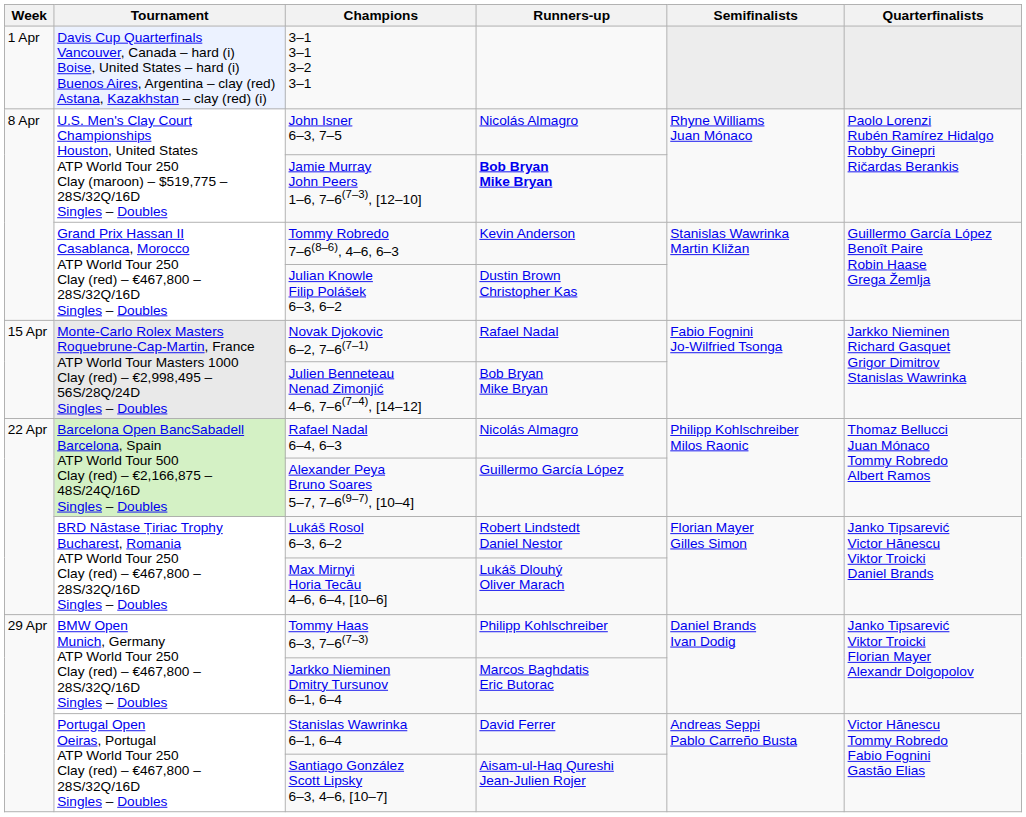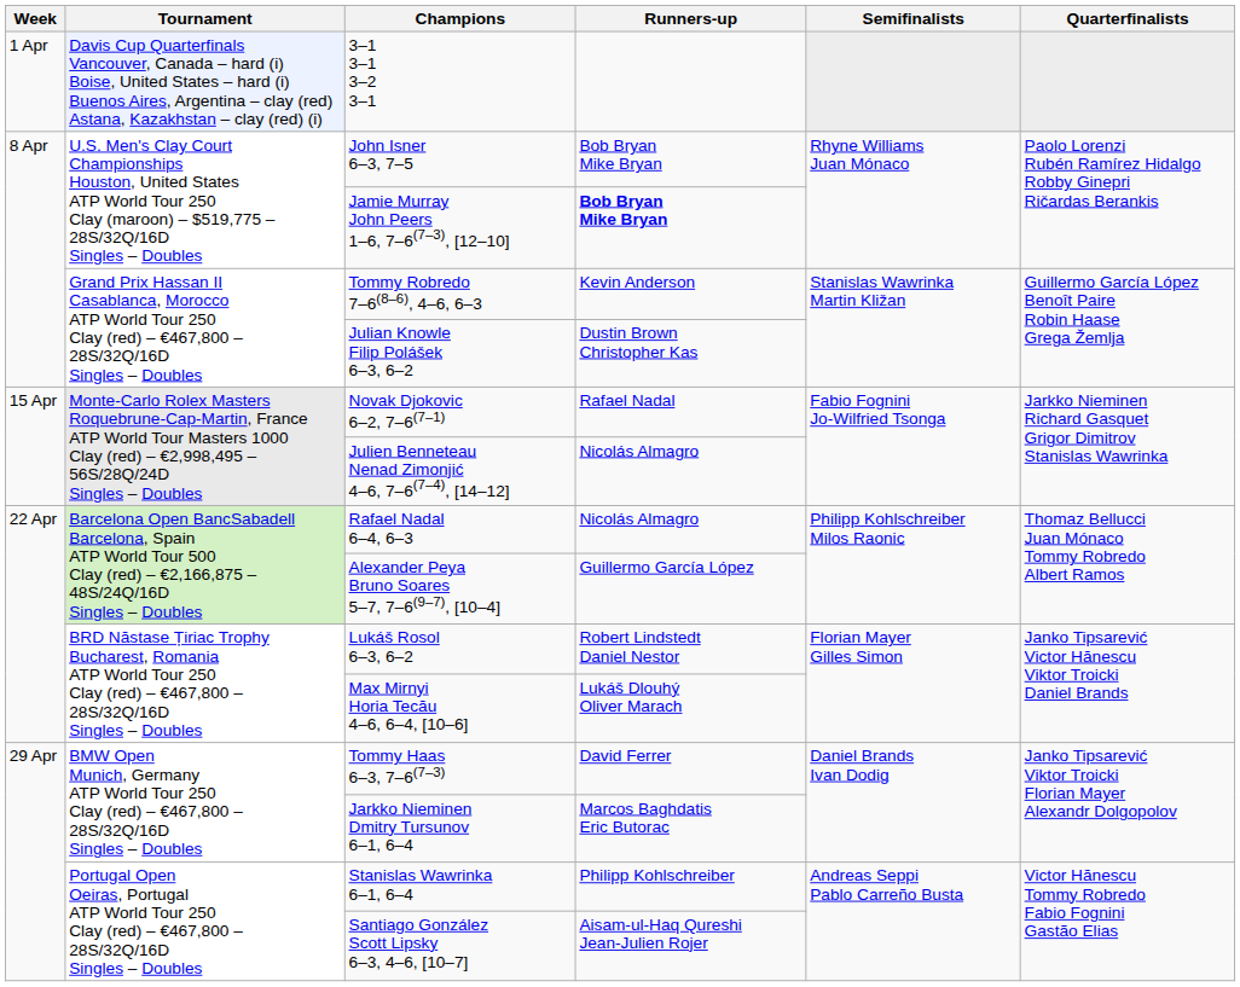 <table class=wikitable style=font-size:95%>
 <tr>
 <th style="width:48px;">Week</th>
 <th style="width:250px;">Tournament</th>
 <th style="width:205px;">Champions</th>
 <th style="width:205px;">Runners-up</th>
 <th style="width:190px;">Semifinalists</th>
 <th style="width:190px;">Quarterfinalists</th>
 </tr>
 <tr valign="top">
 <td>1 Apr</td>
 <td bgcolor="ECF2FF"><a href='#'>Davis Cup Quarterfinals</a><br><a href='#'>Vancouver</a>, Canada – hard (i)<br><a href='#'>Boise</a>, United States – hard (i)<br><a href='#'>Buenos Aires</a>, Argentina – clay (red)<br><a href='#'>Astana</a>, <a href='#'>Kazakhstan</a> – clay (red) (i)</td>
 <td> 3–1<br> 3–1<br> 3–2<br> 3–1</td>
 <td><br><br><br></td>
 <td bgcolor="#ededed"></td>
 <td bgcolor="#ededed"></td>
 </tr>
 <tr valign="top">
 <td rowspan="4">8 Apr</td>
 <td bgcolor="ffffff" rowspan="2"><a href='#'>U.S. Men's Clay Court Championships</a><br><a href='#'>Houston</a>, United States<br>ATP World Tour 250<br>Clay (maroon) – $519,775 – 28S/32Q/16D<br><a href='#'>Singles</a> – <a href='#'>Doubles</a></td>
 <td> <a href='#'>John Isner</a><br>6–3, 7–5</td>
-<td> <a href='#'>Nicolás Almagro</a></td>
+<td> <a href='#'>Bob Bryan</a><br> <a href='#'>Mike Bryan</a></td>
 <td rowspan="2"> <a href='#'>Rhyne Williams</a><br> <a href='#'>Juan Mónaco</a></td>
 <td rowspan="2"> <a href='#'>Paolo Lorenzi</a><br> <a href='#'>Rubén Ramírez Hidalgo</a><br> <a href='#'>Robby Ginepri</a><br> <a href='#'>Ričardas Berankis</a></td>
 </tr>
 <tr valign="top">
 <td> <a href='#'>Jamie Murray</a><br> <a href='#'>John Peers</a><br>1–6, 7–6<sup>(7–3)</sup>, [12–10]</td>
 <td><strong> <a href='#'>Bob Bryan</a><br> <a href='#'>Mike Bryan</a></strong></td>
 </tr>
 <tr valign="top">
 <td bgcolor="ffffff" rowspan="2"><a href='#'>Grand Prix Hassan II</a><br><a href='#'>Casablanca</a>, <a href='#'>Morocco</a><br>ATP World Tour 250<br>Clay (red) – €467,800 – 28S/32Q/16D<br><a href='#'>Singles</a> – <a href='#'>Doubles</a></td>
 <td> <a href='#'>Tommy Robredo</a><br>7–6<sup>(8–6)</sup>, 4–6, 6–3</td>
 <td> <a href='#'>Kevin Anderson</a></td>
 <td rowspan="2"> <a href='#'>Stanislas Wawrinka</a><br> <a href='#'>Martin Kližan</a></td>
 <td rowspan="2"> <a href='#'>Guillermo García López</a><br> <a href='#'>Benoît Paire</a><br> <a href='#'>Robin Haase</a><br> <a href='#'>Grega Žemlja</a></td>
 </tr>
 <tr valign="top">
 <td> <a href='#'>Julian Knowle</a><br> <a href='#'>Filip Polášek</a><br>6–3, 6–2</td>
 <td> <a href='#'>Dustin Brown</a><br> <a href='#'>Christopher Kas</a></td>
 </tr>
 <tr valign="top">
 <td rowspan="2">15 Apr</td>
 <td style="background:#E9E9E9" rowspan="2"><a href='#'>Monte-Carlo Rolex Masters</a><br><a href='#'>Roquebrune-Cap-Martin</a>, France<br>ATP World Tour Masters 1000<br>Clay (red) – €2,998,495 – 56S/28Q/24D<br><a href='#'>Singles</a> – <a href='#'>Doubles</a></td>
 <td> <a href='#'>Novak Djokovic</a><br>6–2, 7–6<sup>(7–1)</sup></td>
 <td> <a href='#'>Rafael Nadal</a></td>
 <td rowspan="2"> <a href='#'>Fabio Fognini</a><br> <a href='#'>Jo-Wilfried Tsonga</a></td>
 <td rowspan="2"> <a href='#'>Jarkko Nieminen</a><br> <a href='#'>Richard Gasquet</a><br> <a href='#'>Grigor Dimitrov</a><br> <a href='#'>Stanislas Wawrinka</a></td>
 </tr>
 <tr valign="top">
 <td> <a href='#'>Julien Benneteau</a><br> <a href='#'>Nenad Zimonjić</a><br>4–6, 7–6<sup>(7–4)</sup>, [14–12]</td>
-<td> <a href='#'>Bob Bryan</a><br> <a href='#'>Mike Bryan</a></td>
+<td> <a href='#'>Nicolás Almagro</a></td>
 </tr>
 <tr valign="top">
 <td rowspan="4">22 Apr</td>
 <td style="background:#D4F1C5" rowspan="2"><a href='#'>Barcelona Open BancSabadell</a><br><a href='#'>Barcelona</a>, Spain<br>ATP World Tour 500<br>Clay (red) – €2,166,875 – 48S/24Q/16D<br><a href='#'>Singles</a> – <a href='#'>Doubles</a></td>
 <td> <a href='#'>Rafael Nadal</a><br>6–4, 6–3</td>
 <td> <a href='#'>Nicolás Almagro</a></td>
 <td rowspan="2"> <a href='#'>Philipp Kohlschreiber</a><br> <a href='#'>Milos Raonic</a></td>
 <td rowspan="2"> <a href='#'>Thomaz Bellucci</a><br> <a href='#'>Juan Mónaco</a><br> <a href='#'>Tommy Robredo</a><br> <a href='#'>Albert Ramos</a></td>
 </tr>
 <tr valign="top">
 <td> <a href='#'>Alexander Peya</a><br> <a href='#'>Bruno Soares</a><br>5–7, 7–6<sup>(9–7)</sup>, [10–4]</td>
 <td> <a href='#'>Guillermo García López</a></td>
 </tr>
 <tr valign="top">
 <td bgcolor="ffffff" rowspan="2"><a href='#'>BRD Năstase Țiriac Trophy</a><br><a href='#'>Bucharest</a>, <a href='#'>Romania</a><br>ATP World Tour 250<br>Clay (red) – €467,800 – 28S/32Q/16D<br><a href='#'>Singles</a> – <a href='#'>Doubles</a></td>
 <td> <a href='#'>Lukáš Rosol</a><br>6–3, 6–2</td>
 <td> <a href='#'>Robert Lindstedt</a><br> <a href='#'>Daniel Nestor</a></td>
 <td rowspan="2"> <a href='#'>Florian Mayer</a><br> <a href='#'>Gilles Simon</a></td>
 <td rowspan="2"> <a href='#'>Janko Tipsarević</a> <br> <a href='#'>Victor Hănescu</a><br> <a href='#'>Viktor Troicki</a><br> <a href='#'>Daniel Brands</a></td>
 </tr>
 <tr valign="top">
 <td> <a href='#'>Max Mirnyi</a><br> <a href='#'>Horia Tecău</a><br>4–6, 6–4, [10–6]</td>
 <td> <a href='#'>Lukáš Dlouhý</a><br> <a href='#'>Oliver Marach</a></td>
 </tr>
 <tr valign="top">
 <td rowspan="4">29 Apr</td>
 <td style="background:#fff" rowspan="2"><a href='#'>BMW Open</a><br><a href='#'>Munich</a>, Germany<br>ATP World Tour 250<br>Clay (red) – €467,800 – 28S/32Q/16D<br><a href='#'>Singles</a> – <a href='#'>Doubles</a></td>
 <td> <a href='#'>Tommy Haas</a><br>6–3, 7–6<sup>(7–3)</sup></td>
-<td> <a href='#'>Philipp Kohlschreiber</a></td>
+<td> <a href='#'>David Ferrer</a></td>
 <td rowspan="2"> <a href='#'>Daniel Brands</a><br> <a href='#'>Ivan Dodig</a></td>
 <td rowspan="2"> <a href='#'>Janko Tipsarević</a><br>  <a href='#'>Viktor Troicki</a><br> <a href='#'>Florian Mayer</a><br> <a href='#'>Alexandr Dolgopolov</a></td>
 </tr>
 <tr valign="top">
 <td> <a href='#'>Jarkko Nieminen</a><br> <a href='#'>Dmitry Tursunov</a><br>6–1, 6–4</td>
 <td> <a href='#'>Marcos Baghdatis</a><br> <a href='#'>Eric Butorac</a></td>
 </tr>
 <tr valign="top">
 <td style="background:#fff" rowspan="2"><a href='#'>Portugal Open</a><br><a href='#'>Oeiras</a>, Portugal<br>ATP World Tour 250<br>Clay (red) – €467,800 – 28S/32Q/16D<br><a href='#'>Singles</a> – <a href='#'>Doubles</a></td>
 <td> <a href='#'>Stanislas Wawrinka</a><br>6–1, 6–4</td>
-<td> <a href='#'>David Ferrer</a></td>
+<td> <a href='#'>Philipp Kohlschreiber</a></td>
 <td rowspan="2"> <a href='#'>Andreas Seppi</a><br> <a href='#'>Pablo Carreño Busta</a></td>
 <td rowspan="2"> <a href='#'>Victor Hănescu</a><br> <a href='#'>Tommy Robredo</a><br> <a href='#'>Fabio Fognini</a> <br> <a href='#'>Gastão Elias</a></td>
 </tr>
 <tr valign="top">
 <td> <a href='#'>Santiago González</a><br> <a href='#'>Scott Lipsky</a><br>6–3, 4–6, [10–7]</td>
 <td> <a href='#'>Aisam-ul-Haq Qureshi</a><br> <a href='#'>Jean-Julien Rojer</a></td>
 </tr>
 </table>
